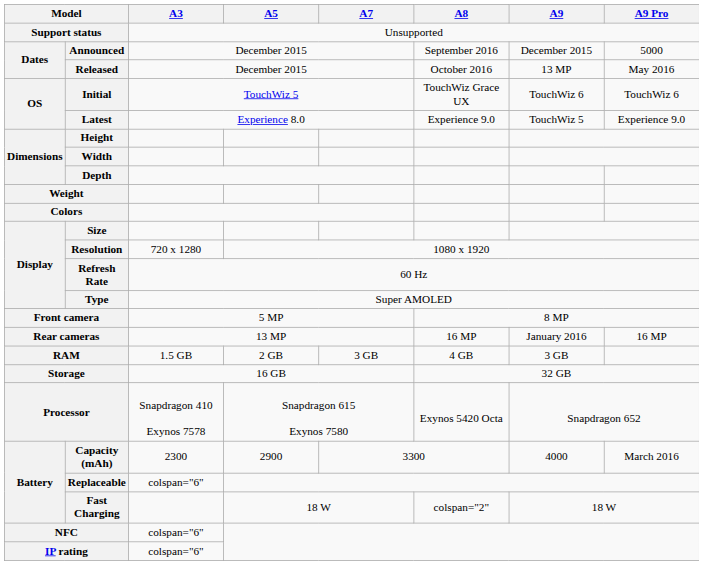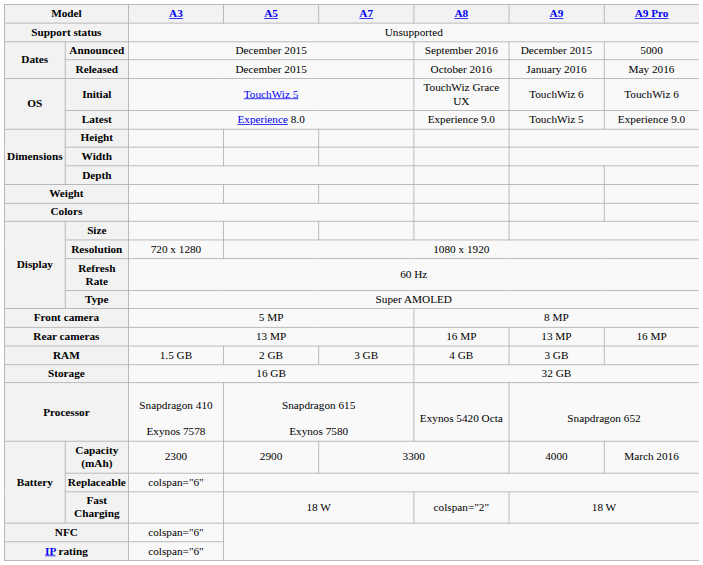 <table class="wikitable" style="text-align:center; font-size:90%;">
 <tr>
 <th colspan="2">Model</th>
 <th style="min-width: 8em"><a href='#'>A3</a></th>
 <th style="min-width: 8em"><a href='#'>A5</a></th>
 <th style="min-width: 8em"><a href='#'>A7</a></th>
 <th style="min-width: 8em"><a href='#'>A8</a></th>
 <th style="min-width: 8em"><a href='#'>A9</a></th>
 <th style="min-width: 8em"><a href='#'>A9 Pro</a></th>
 </tr>
 <tr>
 <th colspan="2">Support status</th>
 <td colspan="6">Unsupported</td>
 </tr>
 <tr>
 <th rowspan="2">Dates</th>
 <th>Announced</th>
 <td colspan="3">December 2015</td>
 <td>September 2016</td>
 <td>December 2015</td>
 <td>5000</td>
 </tr>
 <tr>
 <th>Released</th>
 <td colspan="3">December 2015</td>
 <td>October 2016</td>
-<td>13 MP</td>
+<td>January 2016</td>
 <td>May 2016</td>
 </tr>
 <tr>
 <th rowspan="2">OS</th>
 <th>Initial</th>
 <td colspan="3"><a href='#'>TouchWiz 5</a><br></td>
 <td>TouchWiz Grace UX<br></td>
 <td>TouchWiz 6<br></td>
 <td>TouchWiz 6<br></td>
 </tr>
 <tr>
 <th>Latest</th>
 <td colspan="3"><a href='#'>Experience</a> 8.0<br></td>
 <td>Experience 9.0<br></td>
 <td>TouchWiz 5<br></td>
 <td>Experience 9.0<br></td>
 </tr>
 <tr>
 <th rowspan="3">Dimensions<br></th>
 <th>Height</th>
 <td></td>
 <td></td>
 <td></td>
 <td></td>
 <td colspan="2"></td>
 </tr>
 <tr>
 <th>Width</th>
 <td></td>
 <td></td>
 <td></td>
 <td></td>
 <td colspan="2"></td>
 </tr>
 <tr>
 <th>Depth</th>
 <td colspan="3"></td>
 <td></td>
 <td></td>
 <td></td>
 </tr>
 <tr>
 <th colspan="2">Weight<br></th>
 <td></td>
 <td></td>
 <td></td>
 <td></td>
 <td></td>
 <td></td>
 </tr>
 <tr>
 <th colspan="2">Colors</th>
 <td colspan="3">   </td>
 <td>   </td>
 <td>   </td>
 <td>  </td>
 </tr>
 <tr>
 <th rowspan="4">Display</th>
 <th>Size</th>
 <td></td>
 <td></td>
 <td></td>
 <td></td>
 <td colspan="2"></td>
 </tr>
 <tr>
 <th>Resolution</th>
 <td>720 x 1280</td>
 <td colspan="5">1080 x 1920</td>
 </tr>
 <tr>
 <th>Refresh Rate</th>
 <td colspan="6">60 Hz</td>
 </tr>
 <tr>
 <th>Type</th>
 <td colspan="6">Super AMOLED</td>
 </tr>
 <tr>
 <th colspan="2">Front camera</th>
 <td colspan="3">5 MP</td>
 <td colspan="3">8 MP</td>
 </tr>
 <tr>
 <th colspan="2">Rear cameras</th>
 <td colspan="3">13 MP</td>
 <td>16 MP</td>
-<td>January 2016</td>
+<td>13 MP</td>
 <td>16 MP</td>
 </tr>
 <tr>
 <th colspan="2">RAM</th>
 <td>1.5 GB</td>
 <td>2 GB</td>
 <td colpspan="2">3 GB</td>
 <td>4 GB</td>
 <td>3 GB</td>
 </tr>
 <tr>
 <th colspan="2">Storage</th>
 <td colspan="3">16 GB</td>
 <td colspan="3">32 GB</td>
 </tr>
 <tr>
 <th colspan="2">Processor</th>
 <td><br>Snapdragon 410<br><br>Exynos 7578</td>
 <td colspan="2"><br>Snapdragon 615<br><br>Exynos 7580</td>
 <td><br>Exynos 5420 Octa</td>
 <td colspan="2"><br>Snapdragon 652</td>
 </tr>
 <tr>
 <th rowspan="3">Battery</th>
 <th>Capacity (mAh)</th>
 <td>2300</td>
 <td>2900</td>
 <td colspan="2">3300</td>
 <td>4000</td>
 <td>March 2016</td>
 </tr>
 <tr>
 <th>Replaceable</th>
 <td>colspan="6" </td>
 </tr>
 <tr>
 <th>Fast Charging</th>
 <td></td>
 <td colspan="2">18 W</td>
 <td>colspan="2" </td>
 <td colspan="2">18 W</td>
 </tr>
 <tr>
 <th colspan="2">NFC</th>
 <td>colspan="6" </td>
 </tr>
 <tr>
 <th colspan="2"><a href='#'>IP</a> rating</th>
 <td>colspan="6" </td>
 </tr>
 </table>
